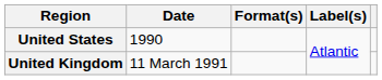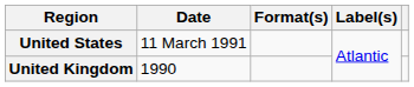 <table class="wikitable plainrowheaders">
 <tr>
 <th scope="col">Region</th>
 <th scope="col">Date</th>
 <th scope="col">Format(s)</th>
 <th scope="col">Label(s)</th>
 <th scope="col"></th>
 </tr>
 <tr>
 <th scope="row">United States</th>
-<td>1990</td>
+<td>11 March 1991</td>
 <td></td>
 <td rowspan="2"><a href='#'>Atlantic</a></td>
 <td></td>
 </tr>
 <tr>
 <th scope="row">United Kingdom</th>
-<td>11 March 1991</td>
+<td>1990</td>
 <td></td>
 <td></td>
 </tr>
 </table>
